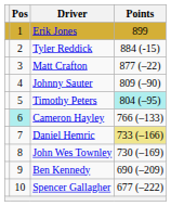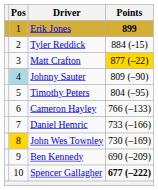 <table class="wikitable" style="font-size: 95%;">
 <tr>
 <th></th>
 <th>Pos</th>
 <th>Driver</th>
 <th>Points</th>
 </tr>
 <tr style="background:#D4AF37;">
 <td align="left"></td>
 <td style="text-align:center;">1</td>
 <td><a href='#'>Erik Jones</a></td>
-<td style="text-align:center;">899</td>
+<td style="text-align:center;"><strong>899</strong></td>
 </tr>
 <tr>
 <td align="left"></td>
 <td style="text-align:center;">2</td>
 <td><a href='#'>Tyler Reddick</a></td>
 <td style="text-align:center;">884 (-15)</td>
 </tr>
 <tr>
 <td align="left"></td>
 <td style="text-align:center;">3</td>
 <td><a href='#'>Matt Crafton</a></td>
-<td style="text-align:center;">877 (–22)</td>
+<td style="background: gold; text-align:center;">877 (–22)</td>
 </tr>
 <tr>
 <td align="left"></td>
-<td style="text-align:center;">4</td>
+<td style="background: lightblue; text-align:center;">4</td>
 <td><a href='#'>Johnny Sauter</a></td>
 <td style="text-align:center;">809 (–90)</td>
 </tr>
 <tr>
 <td align="left"></td>
 <td style="text-align:center;">5</td>
 <td><a href='#'>Timothy Peters</a></td>
-<td style="background: paleturquoise; text-align:center;">804 (–95)</td>
+<td style="text-align:center;">804 (–95)</td>
 </tr>
 <tr>
 <td align="left"></td>
-<td style="background: paleturquoise; text-align:center;">6</td>
+<td style="text-align:center;">6</td>
 <td><a href='#'>Cameron Hayley</a></td>
 <td style="text-align:center;">766 (–133)</td>
 </tr>
 <tr>
 <td align="left"></td>
 <td style="text-align:center;">7</td>
 <td><a href='#'>Daniel Hemric</a></td>
-<td style="background: khaki; text-align:center;">733 (–166)</td>
+<td style="text-align:center;">733 (–166)</td>
 </tr>
 <tr>
 <td align="left"></td>
-<td style="text-align:center;">8</td>
+<td style="background: gold; text-align:center;">8</td>
 <td><a href='#'>John Wes Townley</a></td>
 <td style="text-align:center;">730 (–169)</td>
 </tr>
 <tr>
 <td align="left"></td>
 <td style="text-align:center;">9</td>
 <td><a href='#'>Ben Kennedy</a></td>
 <td style="text-align:center;">690 (–209)</td>
 </tr>
 <tr>
 <td align="left"></td>
 <td style="text-align:center;">10</td>
 <td><a href='#'>Spencer Gallagher</a></td>
-<td style="text-align:center;">677 (–222)</td>
+<td style="text-align:center;"><strong>677 (–222)</strong></td>
 </tr>
 <tr>
 <th colspan="9"></th>
 </tr>
 </table>
